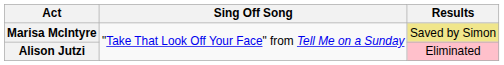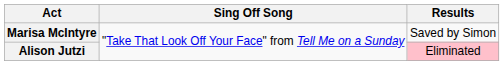 <table class="wikitable plainrowheaders" style="text-align:center;">
 <tr>
 <th scope="col">Act</th>
 <th scope="col">Sing Off Song</th>
 <th scope="col">Results</th>
 </tr>
 <tr>
 <th scope="row">Marisa McIntyre</th>
 <td rowspan="2">"<a href='#'>Take That Look Off Your Face</a>" from <em><a href='#'>Tell Me on a Sunday</a></em></td>
-<td style="background: khaki;">Saved by Simon</td>
+<td>Saved by Simon</td>
 </tr>
 <tr>
 <th scope="row">Alison Jutzi</th>
 <td style="background:pink;">Eliminated</td>
 </tr>
 </table>
